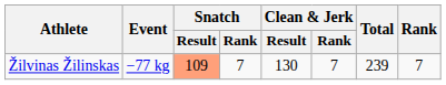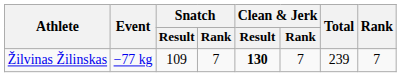 <table class="wikitable" style="font-size:90%">
 <tr>
 <th rowspan="2">Athlete</th>
 <th rowspan="2">Event</th>
 <th colspan="2">Snatch</th>
 <th colspan="2">Clean & Jerk</th>
 <th rowspan="2">Total</th>
 <th rowspan="2">Rank</th>
 </tr>
 <tr style="font-size:95%">
 <th>Result</th>
 <th>Rank</th>
 <th>Result</th>
 <th>Rank</th>
 </tr>
 <tr align=center>
 <td align=left><a href='#'>Žilvinas Žilinskas</a></td>
 <td align=left><a href='#'>−77 kg</a></td>
-<td style="background: lightsalmon;">109</td>
+<td>109</td>
 <td>7</td>
-<td>130</td>
+<td><strong>130</strong></td>
 <td>7</td>
 <td>239</td>
 <td>7</td>
 </tr>
 </table>
